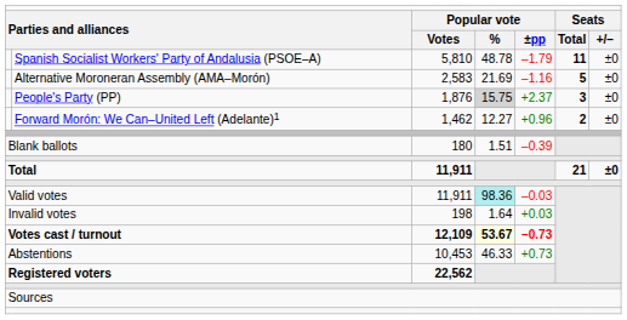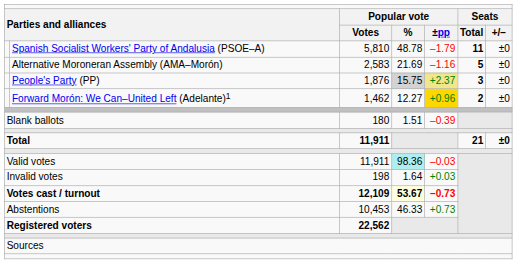 <table class="wikitable" style="text-align:right;">
 <tr>
 <td colspan="7"></td>
 </tr>
 <tr>
 <th style="text-align:left;" rowspan="2" colspan="2" width="525">Parties and alliances</th>
 <th colspan="3">Popular vote</th>
 <th colspan="2">Seats</th>
 </tr>
 <tr>
 <th width="75">Votes</th>
 <th width="45">%</th>
 <th width="45">±<a href='#'>pp</a></th>
 <th width="35">Total</th>
 <th width="35">+/−</th>
 </tr>
 <tr>
 <td width="1" style="color:inherit;background:"></td>
 <td align="left"><a href='#'>Spanish Socialist Workers' Party of Andalusia</a> (PSOE–A)</td>
 <td>5,810</td>
 <td>48.78</td>
 <td style="color:red;">–1.79</td>
 <td><strong>11</strong></td>
 <td>±0</td>
 </tr>
 <tr>
 <td style="color:inherit;background:"></td>
 <td align="left">Alternative Moroneran Assembly (AMA–Morón)</td>
 <td>2,583</td>
 <td>21.69</td>
 <td style="color:red;">–1.16</td>
 <td><strong>5</strong></td>
 <td>±0</td>
 </tr>
 <tr>
 <td style="color:inherit;background:"></td>
 <td align="left"><a href='#'>People's Party</a> (PP)</td>
 <td>1,876</td>
 <td style="background: lightgrey;">15.75</td>
-<td style="color:green;">+2.37</td>
+<td style="background: khaki; color:green;">+2.37</td>
 <td><strong>3</strong></td>
 <td>±0</td>
 </tr>
 <tr>
 <td style="color:inherit;background:"></td>
 <td align="left"><a href='#'>Forward Morón: We Can–United Left</a> (Adelante)<sup>1</sup></td>
 <td>1,462</td>
 <td>12.27</td>
-<td style="color:green;">+0.96</td>
+<td style="background: gold; color:green;">+0.96</td>
 <td><strong>2</strong></td>
 <td>±0</td>
 </tr>
 <tr>
 <td colspan="7" bgcolor="#C0C0C0"></td>
 </tr>
 <tr>
 <td align="left" colspan="2">Blank ballots</td>
 <td>180</td>
 <td>1.51</td>
 <td style="color:red;">–0.39</td>
 <td bgcolor="#E9E9E9" colspan="2"></td>
 </tr>
 <tr>
 <td colspan="7" bgcolor="#E9E9E9"></td>
 </tr>
 <tr style="font-weight:bold;">
 <td align="left" colspan="2">Total</td>
 <td>11,911</td>
 <td bgcolor="#E9E9E9" colspan="2"></td>
 <td>21</td>
 <td>±0</td>
 </tr>
 <tr>
 <td colspan="7" bgcolor="#E9E9E9"></td>
 </tr>
 <tr>
 <td align="left" colspan="2">Valid votes</td>
 <td>11,911</td>
 <td style="background: paleturquoise;">98.36</td>
 <td style="color:red;">–0.03</td>
 <td bgcolor="#E9E9E9" colspan="2" rowspan="5"></td>
 </tr>
 <tr>
 <td align="left" colspan="2">Invalid votes</td>
 <td>198</td>
 <td>1.64</td>
 <td style="color:green;">+0.03</td>
 </tr>
 <tr style="font-weight:bold;">
 <td align="left" colspan="2">Votes cast / turnout</td>
 <td>12,109</td>
 <td style="background: lightyellow;">53.67</td>
 <td style="color:red;">–0.73</td>
 </tr>
 <tr>
 <td align="left" colspan="2">Abstentions</td>
 <td>10,453</td>
 <td>46.33</td>
 <td style="color:green;">+0.73</td>
 </tr>
 <tr style="font-weight:bold;">
 <td align="left" colspan="2">Registered voters</td>
 <td>22,562</td>
 <td bgcolor="#E9E9E9" colspan="2"></td>
 </tr>
 <tr>
 <td colspan="7" bgcolor="#E9E9E9"></td>
 </tr>
 <tr>
 <td align="left" colspan="7">Sources</td>
 </tr>
 <tr>
 <td colspan="7" style="text-align:left; max-width:790px;"></td>
 </tr>
 </table>
